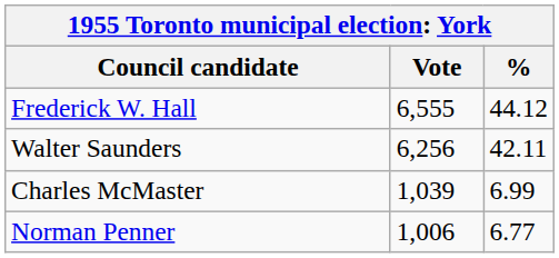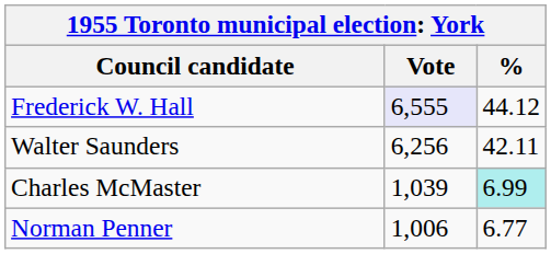 <table class="wikitable">
 <tr>
 <th colspan=3><a href='#'>1955 Toronto municipal election</a>: <a href='#'>York</a></th>
 </tr>
 <tr>
 <th bgcolor="#DDDDFF" width="230px">Council candidate</th>
 <th bgcolor="#DDDDFF" width="50px">Vote</th>
 <th bgcolor="#DDDDFF" width="30px">%</th>
 </tr>
 <tr>
 <td><a href='#'>Frederick W. Hall</a></td>
-<td>6,555</td>
+<td style="background: lavender;">6,555</td>
 <td>44.12</td>
 </tr>
 <tr>
 <td>Walter Saunders</td>
 <td>6,256</td>
 <td>42.11</td>
 </tr>
 <tr>
 <td>Charles McMaster</td>
 <td>1,039</td>
-<td>6.99</td>
+<td style="background: paleturquoise;">6.99</td>
 </tr>
 <tr>
 <td><a href='#'>Norman Penner</a></td>
 <td>1,006</td>
 <td>6.77</td>
 </tr>
 </table>
